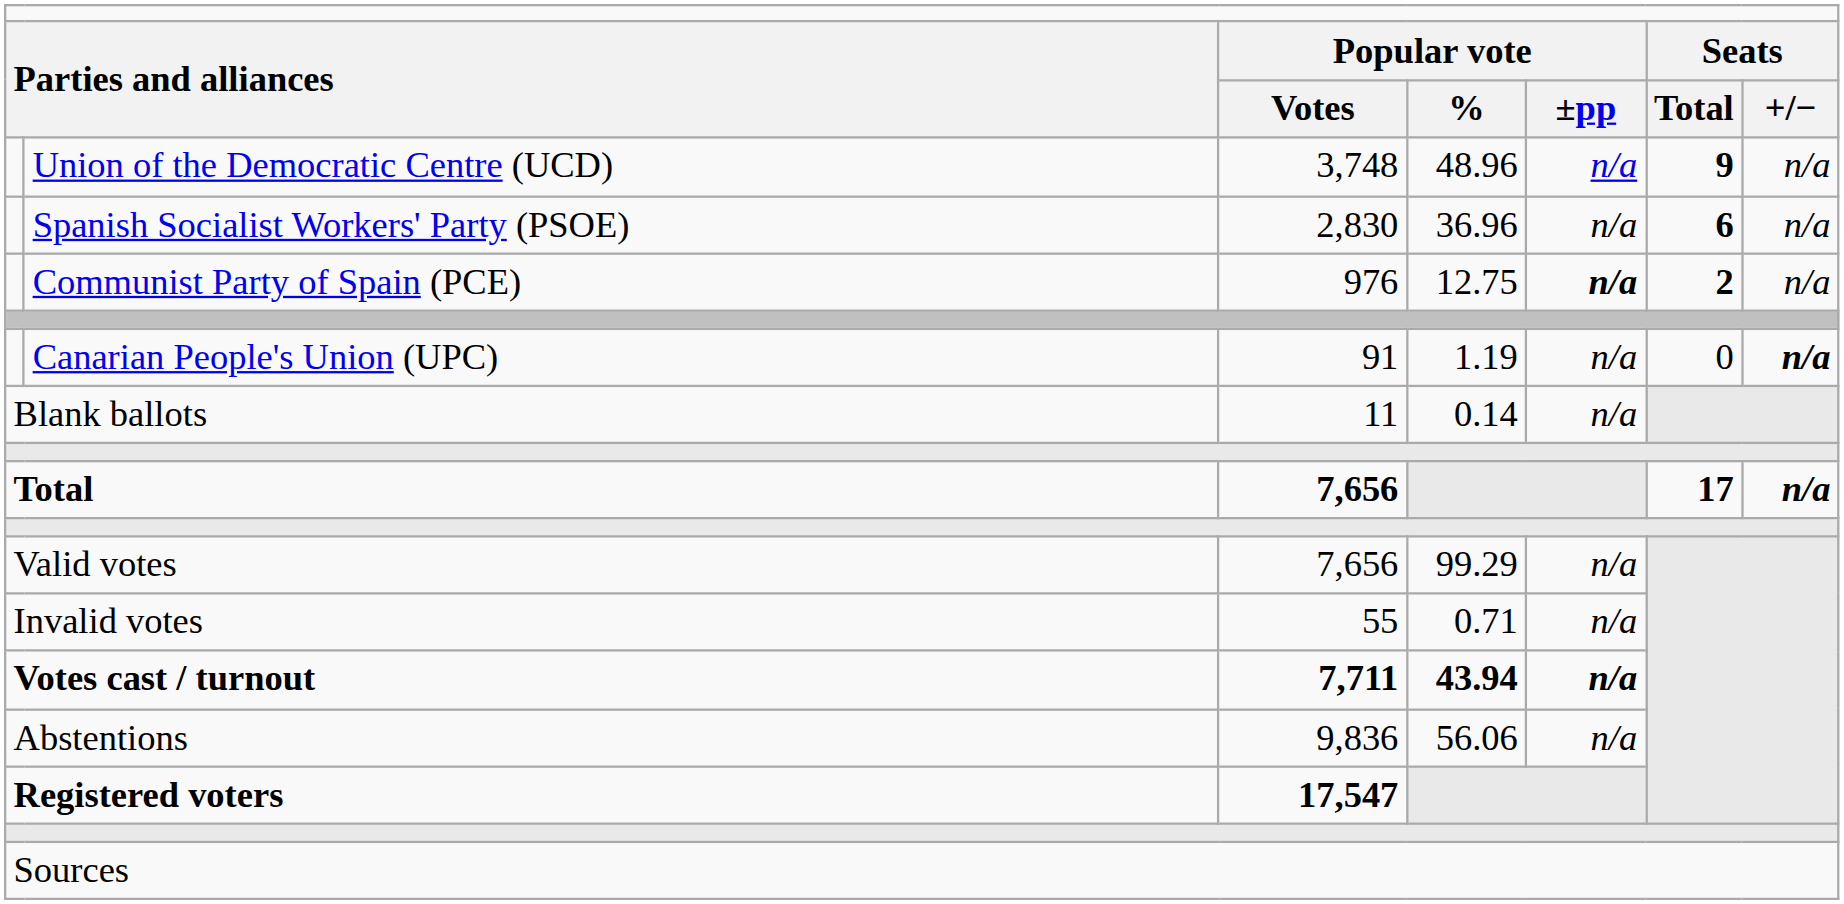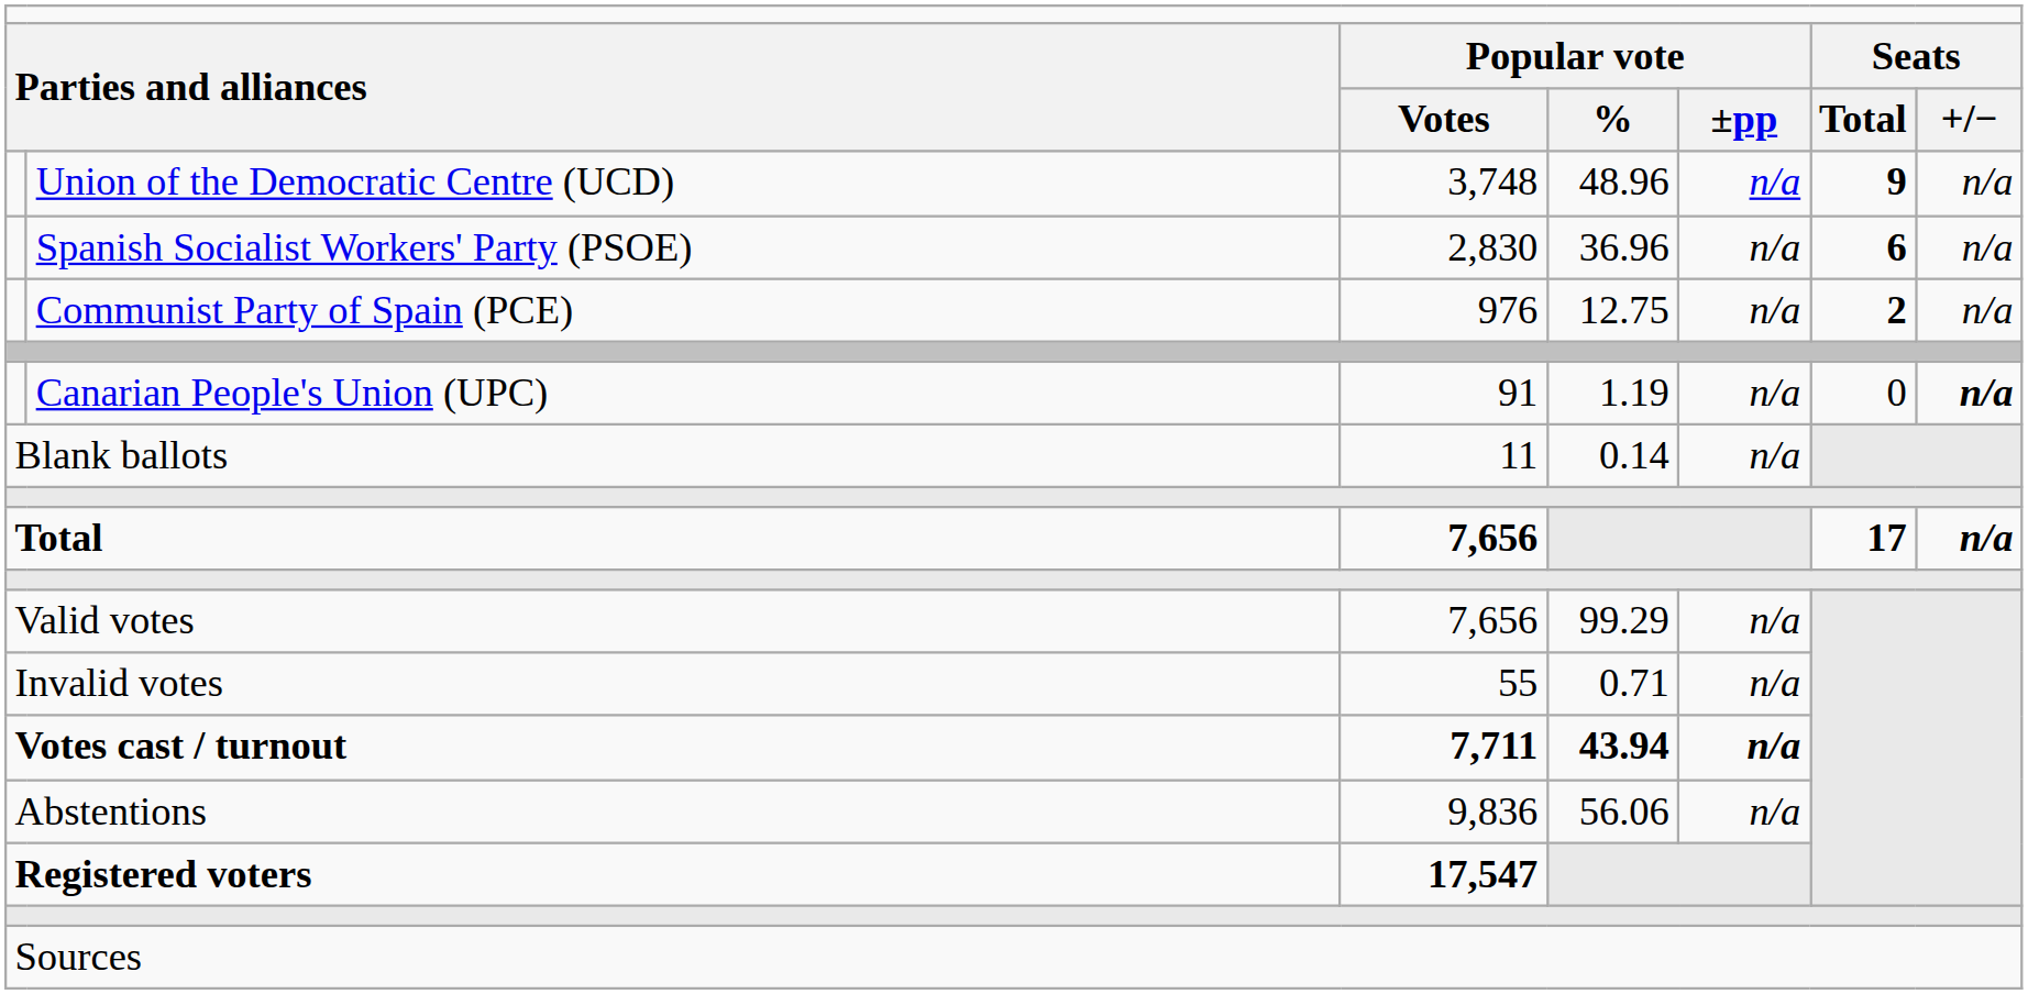 <table class="wikitable" style="text-align:right;">
 <tr>
 <td colspan="7"></td>
 </tr>
 <tr>
 <th style="text-align:left;" rowspan="2" colspan="2" width="525">Parties and alliances</th>
 <th colspan="3">Popular vote</th>
 <th colspan="2">Seats</th>
 </tr>
 <tr>
 <th width="75">Votes</th>
 <th width="45">%</th>
 <th width="45">±<a href='#'>pp</a></th>
 <th width="35">Total</th>
 <th width="35">+/−</th>
 </tr>
 <tr>
 <td width="1" style="color:inherit;background:"></td>
 <td align="left"><a href='#'>Union of the Democratic Centre</a> (UCD)</td>
 <td>3,748</td>
 <td>48.96</td>
 <td><em><a href='#'>n/a</a></em></td>
 <td><strong>9</strong></td>
 <td><em>n/a</em></td>
 </tr>
 <tr>
 <td style="color:inherit;background:"></td>
 <td align="left"><a href='#'>Spanish Socialist Workers' Party</a> (PSOE)</td>
 <td>2,830</td>
 <td>36.96</td>
 <td><em>n/a</em></td>
 <td><strong>6</strong></td>
 <td><em>n/a</em></td>
 </tr>
 <tr>
 <td style="color:inherit;background:"></td>
 <td align="left"><a href='#'>Communist Party of Spain</a> (PCE)</td>
 <td>976</td>
 <td>12.75</td>
-<td><strong><em>n/a</em></strong></td>
+<td><em>n/a</em></td>
 <td><strong>2</strong></td>
 <td><em>n/a</em></td>
 </tr>
 <tr>
 <td colspan="7" bgcolor="#C0C0C0"></td>
 </tr>
 <tr>
 <td style="color:inherit;background:"></td>
 <td align="left"><a href='#'>Canarian People's Union</a> (UPC)</td>
 <td>91</td>
 <td>1.19</td>
 <td><em>n/a</em></td>
 <td>0</td>
 <td><strong><em>n/a</em></strong></td>
 </tr>
 <tr>
 <td align="left" colspan="2">Blank ballots</td>
 <td>11</td>
 <td>0.14</td>
 <td><em>n/a</em></td>
 <td bgcolor="#E9E9E9" colspan="2"></td>
 </tr>
 <tr>
 <td colspan="7" bgcolor="#E9E9E9"></td>
 </tr>
 <tr style="font-weight:bold;">
 <td align="left" colspan="2">Total</td>
 <td>7,656</td>
 <td bgcolor="#E9E9E9" colspan="2"></td>
 <td>17</td>
 <td><em>n/a</em></td>
 </tr>
 <tr>
 <td colspan="7" bgcolor="#E9E9E9"></td>
 </tr>
 <tr>
 <td align="left" colspan="2">Valid votes</td>
 <td>7,656</td>
 <td>99.29</td>
 <td><em>n/a</em></td>
 <td bgcolor="#E9E9E9" colspan="2" rowspan="5"></td>
 </tr>
 <tr>
 <td align="left" colspan="2">Invalid votes</td>
 <td>55</td>
 <td>0.71</td>
 <td><em>n/a</em></td>
 </tr>
 <tr style="font-weight:bold;">
 <td align="left" colspan="2">Votes cast / turnout</td>
 <td>7,711</td>
 <td>43.94</td>
 <td><em>n/a</em></td>
 </tr>
 <tr>
 <td align="left" colspan="2">Abstentions</td>
 <td>9,836</td>
 <td>56.06</td>
 <td><em>n/a</em></td>
 </tr>
 <tr style="font-weight:bold;">
 <td align="left" colspan="2">Registered voters</td>
 <td>17,547</td>
 <td bgcolor="#E9E9E9" colspan="2"></td>
 </tr>
 <tr>
 <td colspan="7" bgcolor="#E9E9E9"></td>
 </tr>
 <tr>
 <td align="left" colspan="7">Sources</td>
 </tr>
 </table>
